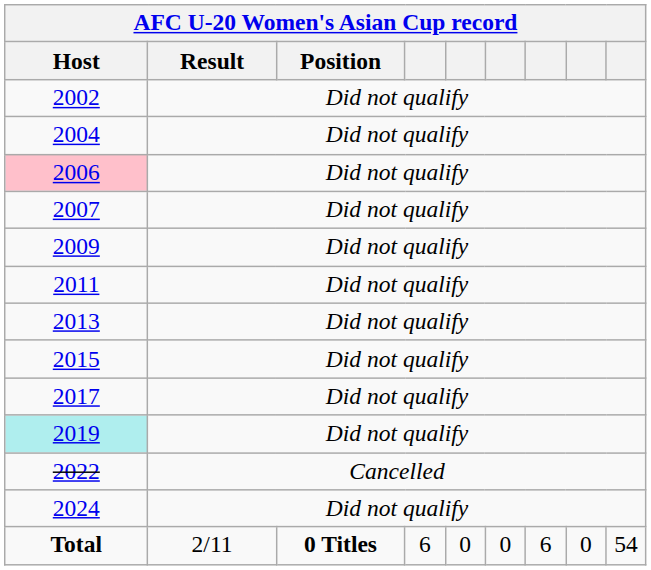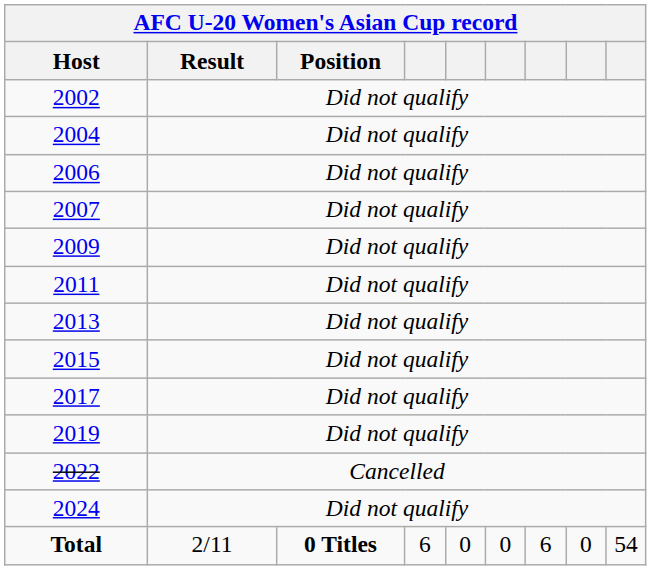 <table class="wikitable collapsible" style="text-align: center;">
 <tr>
 <th colspan=12 style=><a href='#'>AFC U-20 Women's Asian Cup record</a></th>
 </tr>
 <tr>
 <th width="90">Host</th>
 <th width="80">Result</th>
 <th width="80">Position</th>
 <th width="20"></th>
 <th width="20"></th>
 <th width="20"></th>
 <th width="20"></th>
 <th width="20"></th>
 <th width="20"></th>
 </tr>
 <tr>
 <td> <a href='#'>2002</a></td>
 <td colspan=10><em>Did not qualify</em></td>
 </tr>
 <tr>
 <td> <a href='#'>2004</a></td>
 <td colspan=10><em>Did not qualify</em></td>
 </tr>
 <tr>
-<td style="background: pink;"> <a href='#'>2006</a></td>
+<td> <a href='#'>2006</a></td>
 <td colspan=10><em>Did not qualify</em></td>
 </tr>
 <tr>
 <td> <a href='#'>2007</a></td>
 <td colspan=10><em>Did not qualify</em></td>
 </tr>
 <tr>
 <td> <a href='#'>2009</a></td>
 <td colspan=10><em>Did not qualify</em></td>
 </tr>
 <tr>
 <td> <a href='#'>2011</a></td>
 <td colspan=10><em>Did not qualify</em></td>
 </tr>
 <tr>
 <td> <a href='#'>2013</a></td>
 <td colspan=10><em>Did not qualify</em></td>
 </tr>
 <tr>
 <td> <a href='#'>2015</a></td>
 <td colspan=10><em>Did not qualify</em></td>
 </tr>
 <tr>
 <td> <a href='#'>2017</a></td>
 <td colspan=10><em>Did not qualify</em></td>
 </tr>
 <tr>
-<td style="background: paleturquoise;"> <a href='#'>2019</a></td>
+<td> <a href='#'>2019</a></td>
 <td colspan=10><em>Did not qualify</em></td>
 </tr>
 <tr>
 <td><s><a href='#'>2022</a></s></td>
 <td colspan=10><em>Cancelled</em></td>
 </tr>
 <tr>
 <td> <a href='#'>2024</a></td>
 <td colspan=10><em>Did not qualify</em></td>
 </tr>
 <tr>
 <td><strong>Total</strong></td>
 <td>2/11</td>
 <td><strong>0 Titles</strong></td>
 <td>6</td>
 <td>0</td>
 <td>0</td>
 <td>6</td>
 <td>0</td>
 <td>54</td>
 </tr>
 </table>
